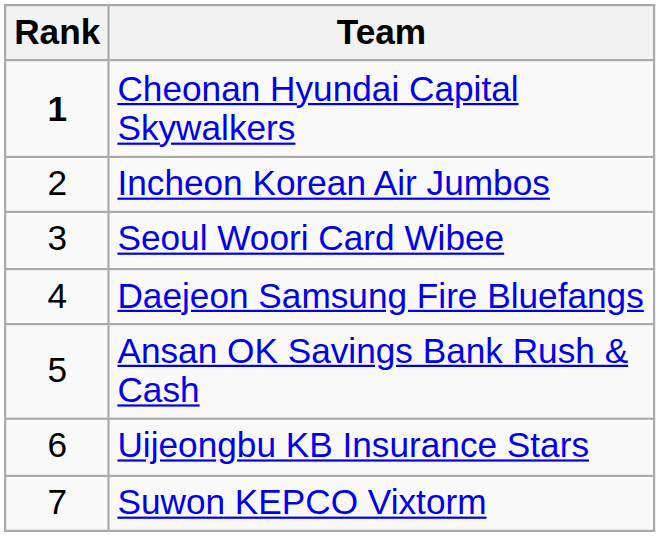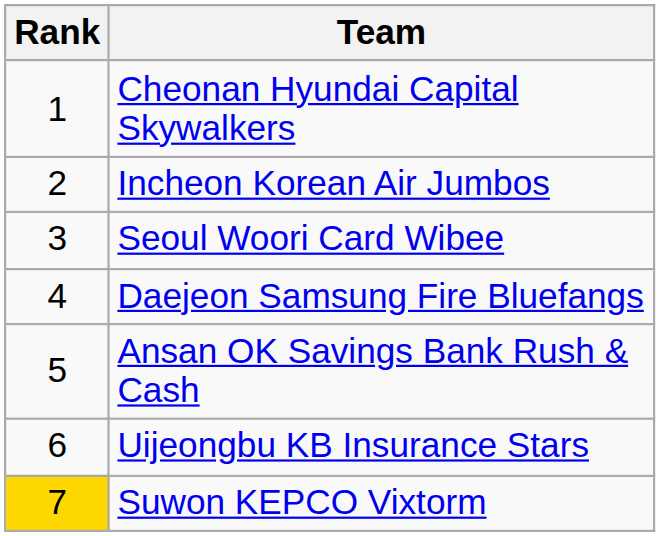 <table class="wikitable" style="text-align:center;">
 <tr>
 <th width=40>Rank</th>
 <th width=240>Team</th>
 </tr>
 <tr>
-<td><strong>1</strong></td>
+<td>1</td>
 <td style="text-align:left;"><a href='#'>Cheonan Hyundai Capital Skywalkers</a></td>
 </tr>
 <tr>
 <td>2</td>
 <td style="text-align:left;"><a href='#'>Incheon Korean Air Jumbos</a></td>
 </tr>
 <tr>
 <td>3</td>
 <td style="text-align:left;"><a href='#'>Seoul Woori Card Wibee</a></td>
 </tr>
 <tr>
 <td>4</td>
 <td style="text-align:left;"><a href='#'>Daejeon Samsung Fire Bluefangs</a></td>
 </tr>
 <tr>
 <td>5</td>
 <td style="text-align:left;"><a href='#'>Ansan OK Savings Bank Rush & Cash</a></td>
 </tr>
 <tr>
 <td>6</td>
 <td style="text-align:left;"><a href='#'>Uijeongbu KB Insurance Stars</a></td>
 </tr>
 <tr>
-<td>7</td>
+<td style="background: gold;">7</td>
 <td style="text-align:left;"><a href='#'>Suwon KEPCO Vixtorm</a></td>
 </tr>
 </table>
